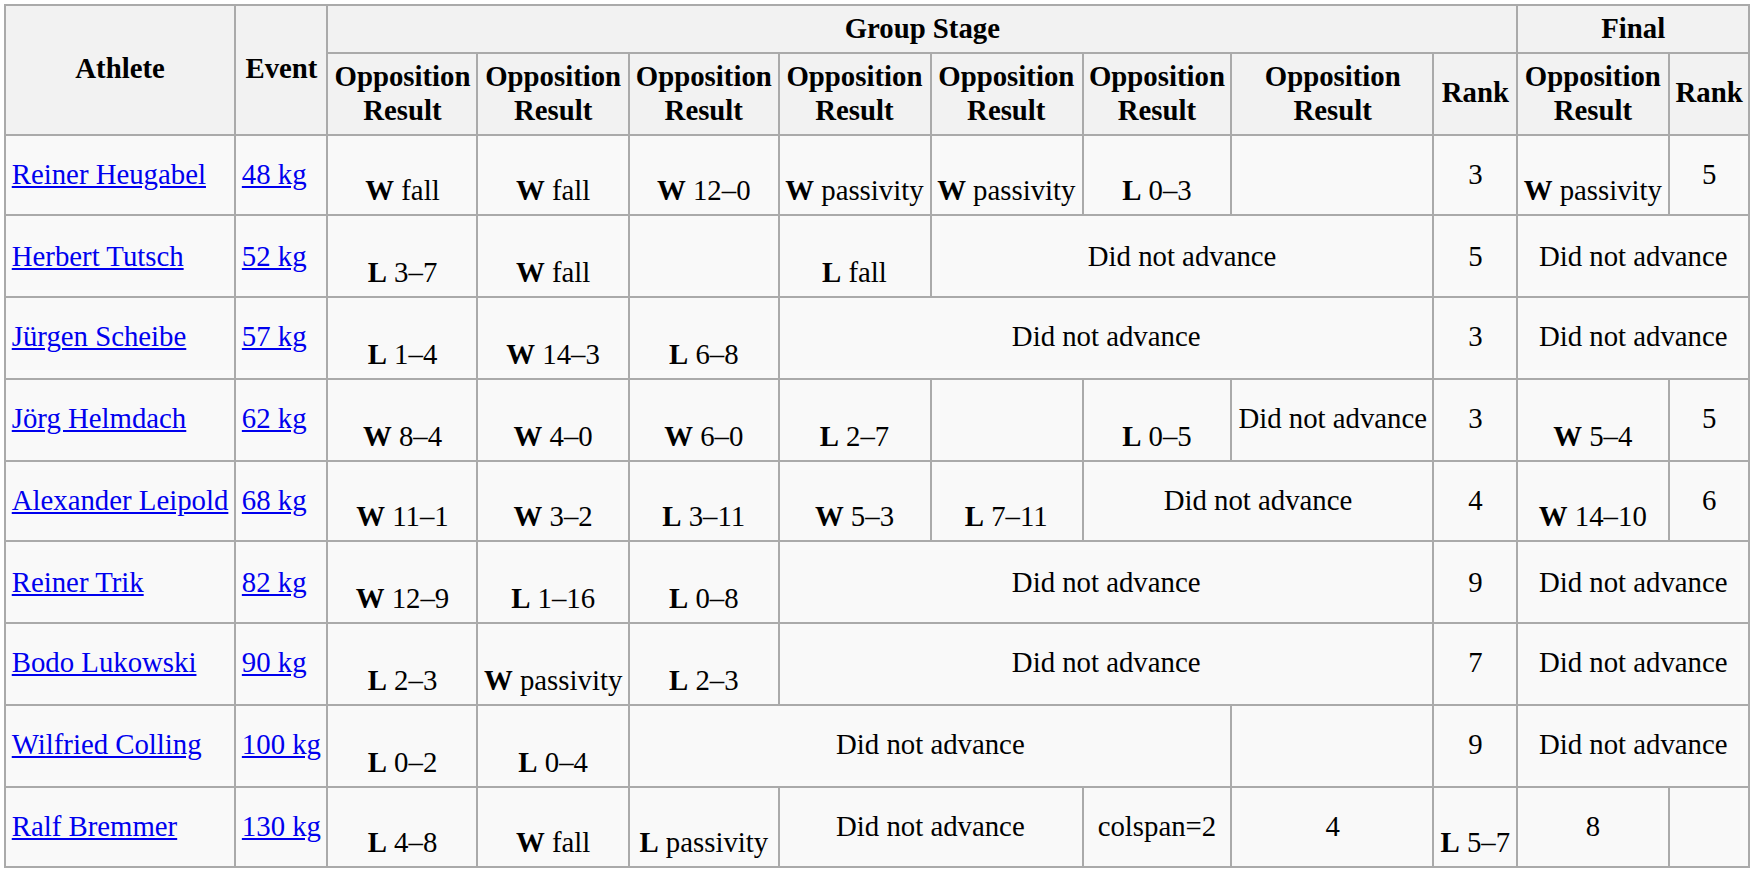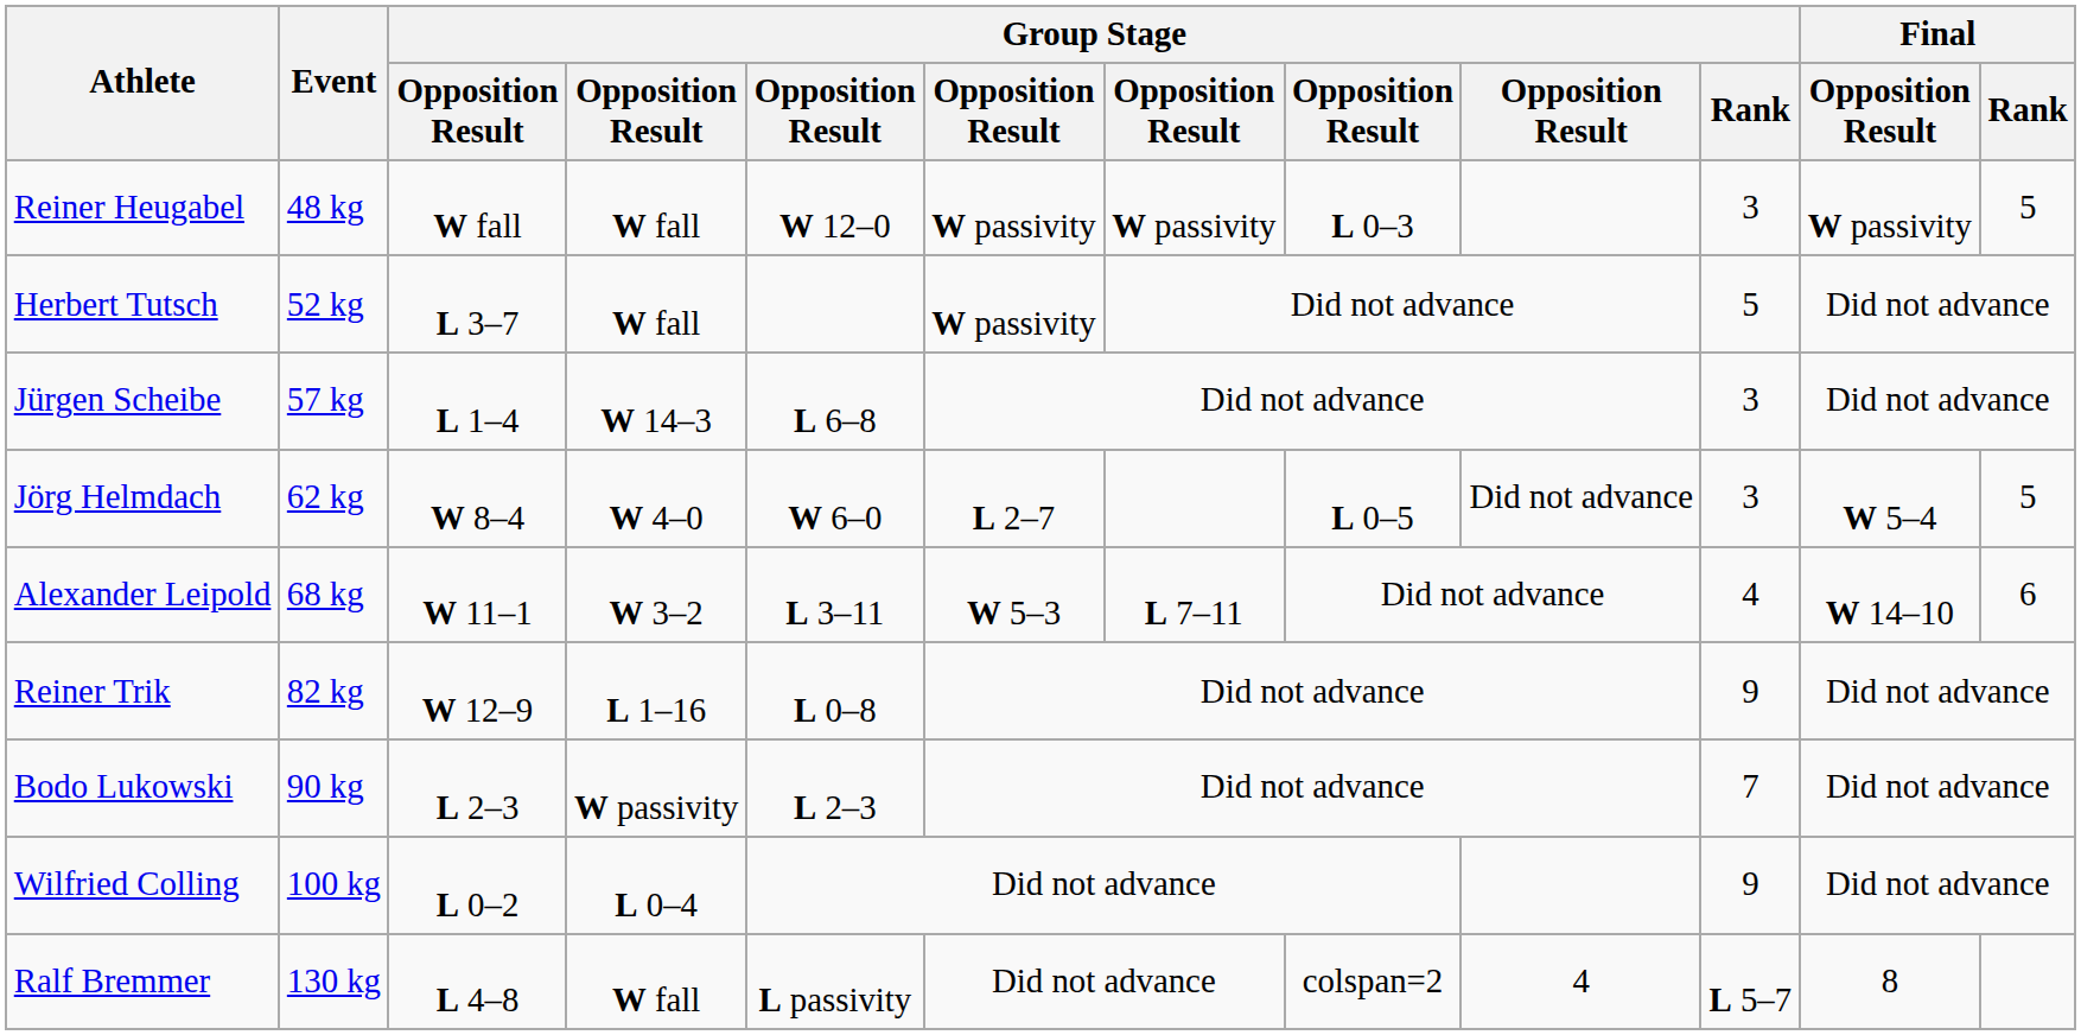 <table class=wikitable style="font-size:90%">
 <tr>
 <th rowspan="2">Athlete</th>
 <th rowspan="2">Event</th>
 <th colspan="8">Group Stage</th>
 <th colspan=2>Final</th>
 </tr>
 <tr>
 <th>Opposition<br>Result</th>
 <th>Opposition<br>Result</th>
 <th>Opposition<br>Result</th>
 <th>Opposition<br>Result</th>
 <th>Opposition<br>Result</th>
 <th>Opposition<br>Result</th>
 <th>Opposition<br>Result</th>
 <th>Rank</th>
 <th>Opposition<br>Result</th>
 <th>Rank</th>
 </tr>
 <tr align=center>
 <td align=left><a href='#'>Reiner Heugabel</a></td>
 <td align=left><a href='#'>48 kg</a></td>
 <td><br><strong>W</strong> fall</td>
 <td><br><strong>W</strong> fall</td>
 <td><br><strong>W</strong> 12–0</td>
 <td><br><strong>W</strong> passivity</td>
 <td><br><strong>W</strong> passivity</td>
 <td><br><strong>L</strong> 0–3</td>
 <td></td>
 <td>3</td>
 <td><br><strong>W</strong> passivity</td>
 <td>5</td>
 </tr>
 <tr align=center>
 <td align=left><a href='#'>Herbert Tutsch</a></td>
 <td align=left><a href='#'>52 kg</a></td>
 <td><br><strong>L</strong> 3–7</td>
 <td><br><strong>W</strong> fall</td>
 <td></td>
-<td><br><strong>L</strong> fall</td>
+<td><br><strong>W</strong> passivity</td>
 <td colspan=3>Did not advance</td>
 <td>5</td>
 <td colspan=2>Did not advance</td>
 </tr>
 <tr align=center>
 <td align=left><a href='#'>Jürgen Scheibe</a></td>
 <td align=left><a href='#'>57 kg</a></td>
 <td><br><strong>L</strong> 1–4</td>
 <td><br><strong>W</strong> 14–3</td>
 <td><br><strong>L</strong> 6–8</td>
 <td colspan=4>Did not advance</td>
 <td>3</td>
 <td colspan=2>Did not advance</td>
 </tr>
 <tr align=center>
 <td align=left><a href='#'>Jörg Helmdach</a></td>
 <td align=left><a href='#'>62 kg</a></td>
 <td><br><strong>W</strong> 8–4</td>
 <td><br><strong>W</strong> 4–0</td>
 <td><br><strong>W</strong> 6–0</td>
 <td><br><strong>L</strong> 2–7</td>
 <td></td>
 <td><br><strong>L</strong> 0–5</td>
 <td>Did not advance</td>
 <td>3</td>
 <td><br><strong>W</strong> 5–4</td>
 <td>5</td>
 </tr>
 <tr align=center>
 <td align=left><a href='#'>Alexander Leipold</a></td>
 <td align=left><a href='#'>68 kg</a></td>
 <td><br><strong>W</strong> 11–1</td>
 <td><br><strong>W</strong> 3–2</td>
 <td><br><strong>L</strong> 3–11</td>
 <td><br><strong>W</strong> 5–3</td>
 <td><br><strong>L</strong> 7–11</td>
 <td colspan=2>Did not advance</td>
 <td>4</td>
 <td><br><strong>W</strong> 14–10</td>
 <td>6</td>
 </tr>
 <tr align=center>
 <td align=left><a href='#'>Reiner Trik</a></td>
 <td align=left><a href='#'>82 kg</a></td>
 <td><br><strong>W</strong> 12–9</td>
 <td><br><strong>L</strong> 1–16</td>
 <td><br><strong>L</strong> 0–8</td>
 <td colspan=4>Did not advance</td>
 <td>9</td>
 <td colspan=2>Did not advance</td>
 </tr>
 <tr align=center>
 <td align=left><a href='#'>Bodo Lukowski</a></td>
 <td align=left><a href='#'>90 kg</a></td>
 <td><br><strong>L</strong> 2–3</td>
 <td><br><strong>W</strong> passivity</td>
 <td><br><strong>L</strong> 2–3</td>
 <td colspan=4>Did not advance</td>
 <td>7</td>
 <td colspan=2>Did not advance</td>
 </tr>
 <tr align=center>
 <td align=left><a href='#'>Wilfried Colling</a></td>
 <td align=left><a href='#'>100 kg</a></td>
 <td><br><strong>L</strong> 0–2</td>
 <td><br><strong>L</strong> 0–4</td>
 <td colspan=4>Did not advance</td>
 <td></td>
 <td>9</td>
 <td colspan=2>Did not advance</td>
 </tr>
 <tr align=center>
 <td align=left><a href='#'>Ralf Bremmer</a></td>
 <td align=left><a href='#'>130 kg</a></td>
 <td><br><strong>L</strong> 4–8</td>
 <td><br><strong>W</strong> fall</td>
 <td><br><strong>L</strong> passivity</td>
 <td colspan=2>Did not advance</td>
 <td>colspan=2</td>
 <td>4</td>
 <td><br><strong>L</strong> 5–7</td>
 <td>8</td>
 </tr>
 </table>
